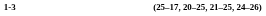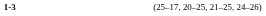 <table width=100% cellspacing=1>
 <tr>
 <th width=20%></th>
 <th width=12%></th>
 <th width=20%></th>
 <th width=33%></th>
 <td></td>
 </tr>
 <tr style=font-size:90%>
 <td align=right></td>
 <td align=center><strong>1-3</strong></td>
 <td></td>
-<td><strong>(25–17, 20–25, 21–25, 24–26)</strong></td>
+<td>(25–17, 20–25, 21–25, 24–26)</td>
 </tr>
 </table>
